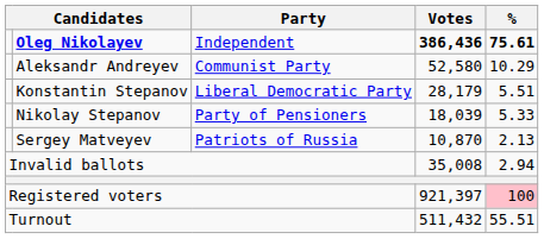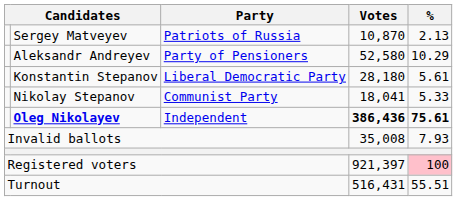 <table class="wikitable sortable">
 <tr>
 <th colspan=2>Candidates</th>
 <th>Party</th>
 <th>Votes</th>
 <th>%</th>
 </tr>
 <tr>
 <td style="background: "></td>
-<td><strong><a href='#'>Oleg Nikolayev</a></strong></td>
-<td><a href='#'>Independent</a></td>
-<td align=right><strong>386,436</strong></td>
-<td align=right><strong>75.61</strong></td>
+<td>Sergey Matveyev</td>
+<td><a href='#'>Patriots of Russia</a></td>
+<td align=right>10,870</td>
+<td align=right>2.13</td>
 </tr>
 <tr>
 <td style="background: "></td>
 <td>Aleksandr Andreyev</td>
-<td><a href='#'>Communist Party</a></td>
+<td><a href='#'>Party of Pensioners</a></td>
 <td align=right>52,580</td>
 <td align=right>10.29</td>
 </tr>
 <tr>
 <td style="background: "></td>
 <td>Konstantin Stepanov</td>
 <td><a href='#'>Liberal Democratic Party</a></td>
-<td align=right>28,179</td>
-<td align=right>5.51</td>
+<td align=right>28,180</td>
+<td align=right>5.61</td>
 </tr>
 <tr>
 <td style="background: "></td>
 <td>Nikolay Stepanov</td>
-<td><a href='#'>Party of Pensioners</a></td>
-<td align=right>18,039</td>
+<td><a href='#'>Communist Party</a></td>
+<td align=right>18,041</td>
 <td align=right>5.33</td>
 </tr>
 <tr>
 <td style="background: "></td>
-<td>Sergey Matveyev</td>
-<td><a href='#'>Patriots of Russia</a></td>
-<td align=right>10,870</td>
-<td align=right>2.13</td>
+<td><strong><a href='#'>Oleg Nikolayev</a></strong></td>
+<td><a href='#'>Independent</a></td>
+<td align=right><strong>386,436</strong></td>
+<td align=right><strong>75.61</strong></td>
 </tr>
 <tr>
 <td colspan=3>Invalid ballots</td>
 <td align=right>35,008</td>
-<td align=right>2.94</td>
+<td align=right>7.93</td>
 </tr>
 <tr>
 <th colspan=5></th>
 </tr>
 <tr>
 <td colspan=3>Registered voters</td>
 <td align=right>921,397</td>
 <td align=right style="background: pink;">100</td>
 </tr>
 <tr>
 <td colspan=3>Turnout</td>
-<td align=right>511,432</td>
+<td align=right>516,431</td>
 <td align=right>55.51</td>
 </tr>
 </table>
